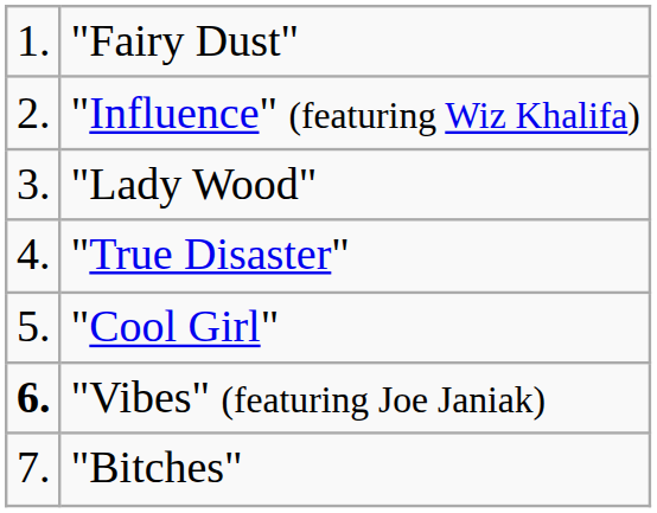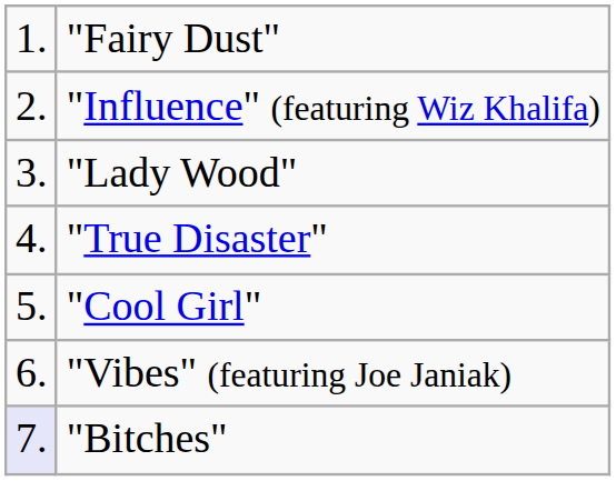 <table class="wikitable">
 <tr>
 <td>1.</td>
 <td>"Fairy Dust"</td>
 </tr>
 <tr>
 <td>2.</td>
 <td>"<a href='#'>Influence</a>" <small>(featuring <a href='#'>Wiz Khalifa</a>)</small></td>
 </tr>
 <tr>
 <td>3.</td>
 <td>"Lady Wood"</td>
 </tr>
 <tr>
 <td>4.</td>
 <td>"<a href='#'>True Disaster</a>"</td>
 </tr>
 <tr>
 <td>5.</td>
 <td>"<a href='#'>Cool Girl</a>"</td>
 </tr>
 <tr>
-<td><strong>6.</strong></td>
+<td>6.</td>
 <td>"Vibes" <small>(featuring Joe Janiak)</small></td>
 </tr>
 <tr>
-<td>7.</td>
+<td style="background: lavender;">7.</td>
 <td>"Bitches"</td>
 </tr>
 </table>
